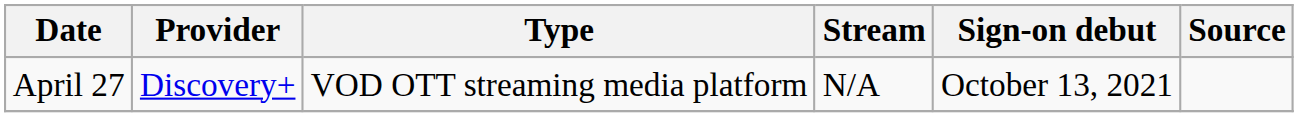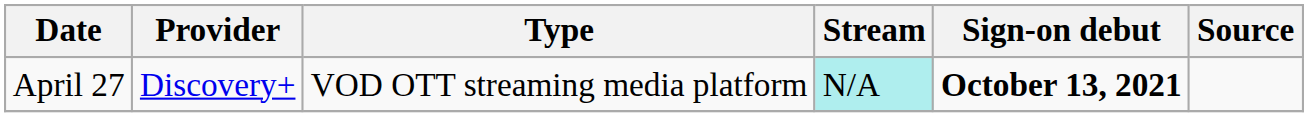 <table class="wikitable">
 <tr>
 <th>Date</th>
 <th>Provider</th>
 <th>Type</th>
 <th>Stream</th>
 <th>Sign-on debut</th>
 <th>Source</th>
 </tr>
 <tr>
 <td>April 27</td>
 <td><a href='#'>Discovery+</a></td>
 <td>VOD OTT streaming media platform</td>
-<td>N/A</td>
-<td>October 13, 2021</td>
+<td style="background: paleturquoise;">N/A</td>
+<td><strong>October 13, 2021</strong></td>
 <td></td>
 </tr>
 <tr>
 </tr>
 </table>
